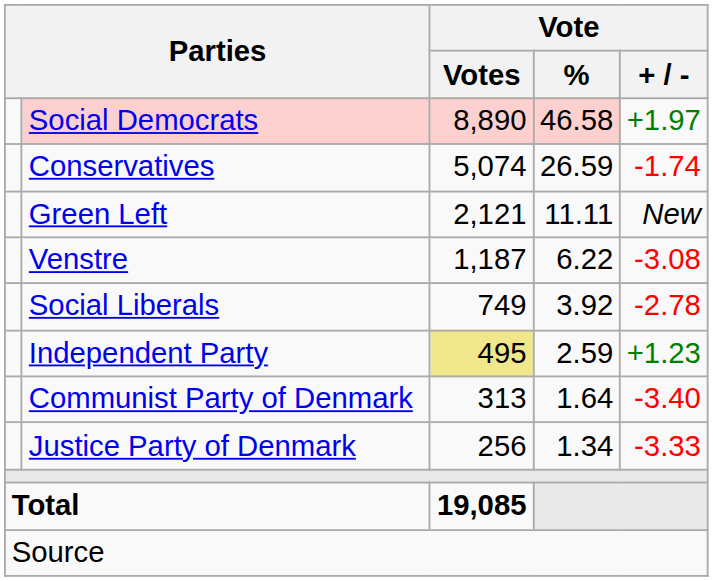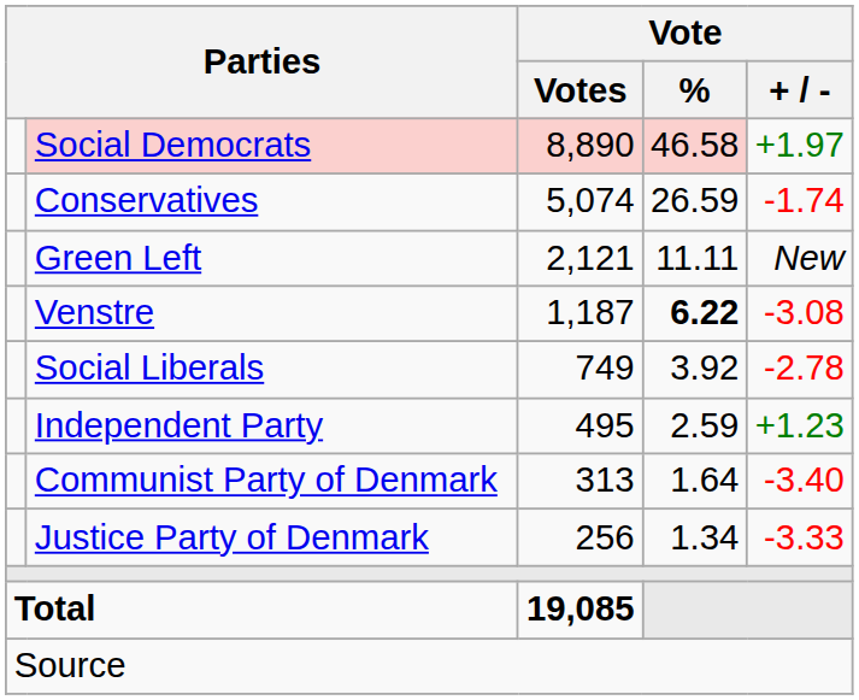 <table class="wikitable" style="text-align:right;">
 <tr>
 <th style="text-align:centre;" rowspan="2" colspan="2" width="225">Parties</th>
 <th colspan="3">Vote</th>
 </tr>
 <tr>
 <th width="15">Votes</th>
 <th width="15">%</th>
 <th width="15">+ / -</th>
 </tr>
 <tr>
 <td width="2" style="color:inherit;background:"></td>
 <td bgcolor=#fbd0ce  align="left"><a href='#'>Social Democrats</a></td>
 <td bgcolor=#fbd0ce>8,890</td>
 <td bgcolor=#fbd0ce>46.58</td>
 <td style=color:green;>+1.97</td>
 </tr>
 <tr>
 <td width="2" style="color:inherit;background:"></td>
 <td align="left"><a href='#'>Conservatives</a></td>
 <td>5,074</td>
 <td>26.59</td>
 <td style=color:red;>-1.74</td>
 </tr>
 <tr>
 <td width="2" style="color:inherit;background:"></td>
 <td align="left"><a href='#'>Green Left</a></td>
 <td>2,121</td>
 <td>11.11</td>
 <td><em>New</em></td>
 </tr>
 <tr>
 <td width="2" style="color:inherit;background:"></td>
 <td align="left"><a href='#'>Venstre</a></td>
 <td>1,187</td>
-<td>6.22</td>
+<td><strong>6.22</strong></td>
 <td style=color:red;>-3.08</td>
 </tr>
 <tr>
 <td width="2" style="color:inherit;background:"></td>
 <td align="left"><a href='#'>Social Liberals</a></td>
 <td>749</td>
 <td>3.92</td>
 <td style=color:red;>-2.78</td>
 </tr>
 <tr>
 <td width="2" style="color:inherit;background:"></td>
 <td align="left"><a href='#'>Independent Party</a></td>
-<td style="background: khaki;">495</td>
+<td>495</td>
 <td>2.59</td>
 <td style=color:green;>+1.23</td>
 </tr>
 <tr>
 <td width="2" style="color:inherit;background:"></td>
 <td align="left"><a href='#'>Communist Party of Denmark</a></td>
 <td>313</td>
 <td>1.64</td>
 <td style=color:red;>-3.40</td>
 </tr>
 <tr>
 <td width="2" style="color:inherit;background:"></td>
 <td align="left"><a href='#'>Justice Party of Denmark</a></td>
 <td>256</td>
 <td>1.34</td>
 <td style=color:red;>-3.33</td>
 </tr>
 <tr>
 <td colspan="7" bgcolor="#E9E9E9"></td>
 </tr>
 <tr>
 <td align="left" colspan="2"><strong>Total</strong></td>
 <td><strong>19,085</strong></td>
 <td bgcolor="#E9E9E9" colspan="2"></td>
 </tr>
 <tr>
 <td align="left" colspan="6">Source</td>
 </tr>
 </table>
